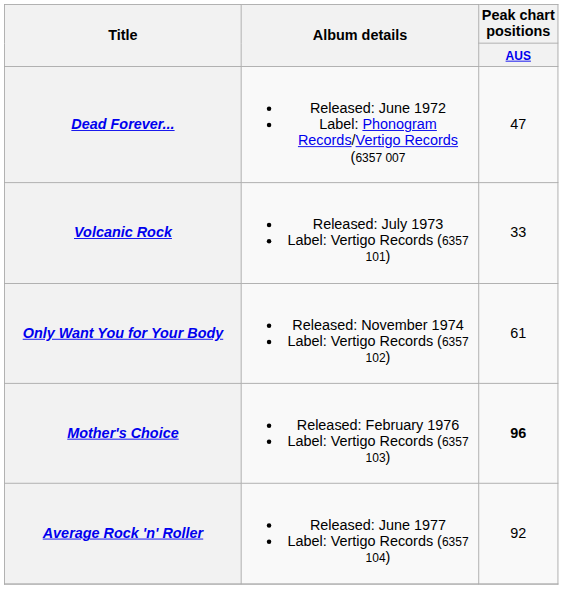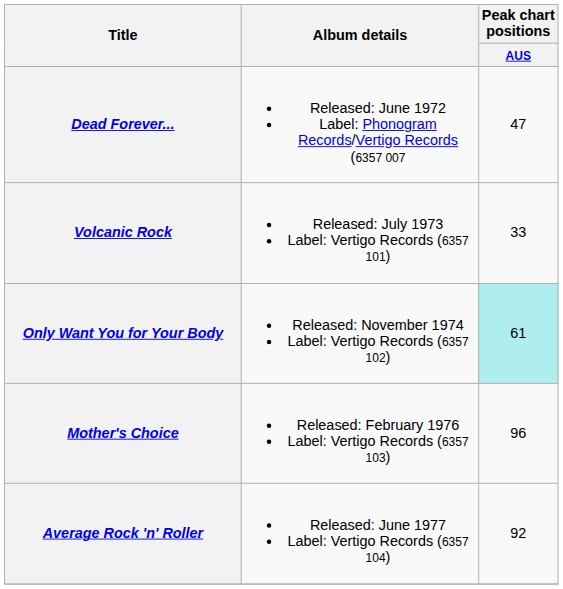 <table class="wikitable plainrowheaders" style="text-align:center;" border="1">
 <tr>
 <th scope="col" rowspan="2" style="width:16em;">Title</th>
 <th scope="col" rowspan="2" style="width:16em;">Album details</th>
 <th scope="col" colspan="1">Peak chart<br>positions</th>
 </tr>
 <tr>
 <th scope="col" style="text-align:center;"><small><a href='#'>AUS</a></small><br></th>
 </tr>
 <tr>
 <th scope="row"><em><a href='#'>Dead Forever...</a></em></th>
 <td><br><ul><li>Released: June 1972</li><li>Label: <a href='#'>Phonogram Records</a>/<a href='#'>Vertigo Records</a> (<small>6357 007</small></li></ul></td>
 <td align="center">47</td>
 </tr>
 <tr>
 <th scope="row"><em><a href='#'>Volcanic Rock</a></em></th>
 <td><br><ul><li>Released: July 1973</li><li>Label: Vertigo Records (<small>6357 101</small>)</li></ul></td>
 <td align="center">33</td>
 </tr>
 <tr>
 <th scope="row"><em><a href='#'>Only Want You for Your Body</a></em></th>
 <td><br><ul><li>Released: November 1974</li><li>Label: Vertigo Records (<small>6357 102</small>)</li></ul></td>
-<td align="center">61</td>
+<td align="center" style="background: paleturquoise;">61</td>
 </tr>
 <tr>
 <th scope="row"><em><a href='#'>Mother's Choice</a></em></th>
 <td><br><ul><li>Released: February 1976</li><li>Label: Vertigo Records (<small>6357 103</small>)</li></ul></td>
-<td align="center"><strong>96</strong></td>
+<td align="center">96</td>
 </tr>
 <tr>
 <th scope="row"><em><a href='#'>Average Rock 'n' Roller</a></em></th>
 <td><br><ul><li>Released: June 1977</li><li>Label: Vertigo Records (<small>6357 104</small>)</li></ul></td>
 <td align="center">92</td>
 </tr>
 <tr>
 </tr>
 </table>
